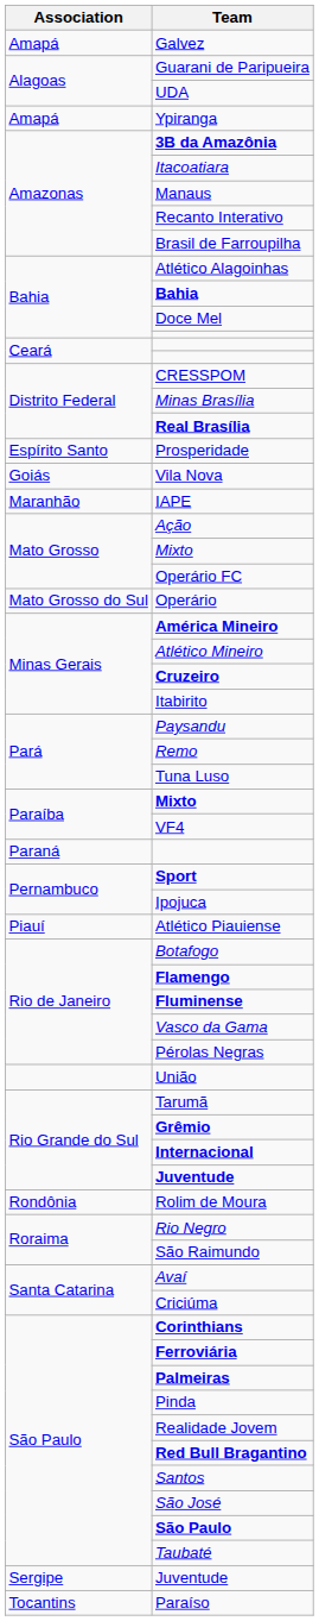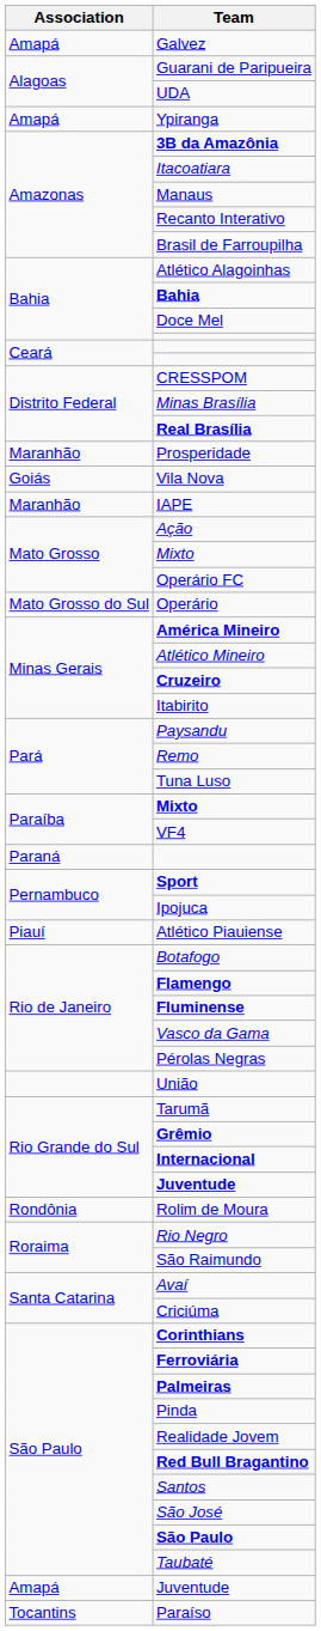 <table class="wikitable">
 <tr>
 <th>Association</th>
 <th>Team</th>
 </tr>
 <tr>
 <td> <a href='#'>Amapá</a><br></td>
 <td><a href='#'>Galvez</a></td>
 </tr>
 <tr>
 <td rowspan=2> <a href='#'>Alagoas</a><br></td>
 <td><a href='#'>Guarani de Paripueira</a></td>
 </tr>
 <tr>
 <td><a href='#'>UDA</a></td>
 </tr>
 <tr>
 <td> <a href='#'>Amapá</a><br></td>
 <td><a href='#'>Ypiranga</a></td>
 </tr>
 <tr>
 <td rowspan=5> <a href='#'>Amazonas</a><br></td>
 <td><strong><a href='#'>3B da Amazônia</a></strong></td>
 </tr>
 <tr>
 <td><em><a href='#'>Itacoatiara</a></em></td>
 </tr>
 <tr>
 <td><a href='#'>Manaus</a></td>
 </tr>
 <tr>
 <td><a href='#'>Recanto Interativo</a></td>
 </tr>
 <tr>
 <td><a href='#'>Brasil de Farroupilha</a></td>
 </tr>
 <tr>
 <td rowspan=4> <a href='#'>Bahia</a><br></td>
 <td><a href='#'>Atlético Alagoinhas</a></td>
 </tr>
 <tr>
 <td><strong><a href='#'>Bahia</a></strong></td>
 </tr>
 <tr>
 <td><a href='#'>Doce Mel</a></td>
 </tr>
 <tr>
 <td><em></em></td>
 </tr>
 <tr>
 <td rowspan=2> <a href='#'>Ceará</a><br></td>
 <td></td>
 </tr>
 <tr>
 <td><em></em></td>
 </tr>
 <tr>
 <td rowspan=3> <a href='#'>Distrito Federal</a><br></td>
 <td><a href='#'>CRESSPOM</a></td>
 </tr>
 <tr>
 <td><em><a href='#'>Minas Brasília</a></em></td>
 </tr>
 <tr>
 <td><strong><a href='#'>Real Brasília</a></strong></td>
 </tr>
 <tr>
-<td> <a href='#'>Espírito Santo</a><br></td>
+<td> <a href='#'>Maranhão</a><br></td>
 <td><a href='#'>Prosperidade</a></td>
 </tr>
 <tr>
 <td> <a href='#'>Goiás</a><br></td>
 <td><a href='#'>Vila Nova</a></td>
 </tr>
 <tr>
 <td> <a href='#'>Maranhão</a><br></td>
 <td><a href='#'>IAPE</a></td>
 </tr>
 <tr>
 <td rowspan=3> <a href='#'>Mato Grosso</a><br></td>
 <td><em><a href='#'>Ação</a></em></td>
 </tr>
 <tr>
 <td><em><a href='#'>Mixto</a></em></td>
 </tr>
 <tr>
 <td><a href='#'>Operário FC</a></td>
 </tr>
 <tr>
 <td> <a href='#'>Mato Grosso do Sul</a><br></td>
 <td><a href='#'>Operário</a></td>
 </tr>
 <tr>
 <td rowspan=4> <a href='#'>Minas Gerais</a><br></td>
 <td><strong><a href='#'>América Mineiro</a></strong></td>
 </tr>
 <tr>
 <td><em><a href='#'>Atlético Mineiro</a></em></td>
 </tr>
 <tr>
 <td><strong><a href='#'>Cruzeiro</a></strong></td>
 </tr>
 <tr>
 <td><a href='#'>Itabirito</a></td>
 </tr>
 <tr>
 <td rowspan=3> <a href='#'>Pará</a><br></td>
 <td><em><a href='#'>Paysandu</a></em></td>
 </tr>
 <tr>
 <td><em><a href='#'>Remo</a></em></td>
 </tr>
 <tr>
 <td><a href='#'>Tuna Luso</a></td>
 </tr>
 <tr>
 <td rowspan=2> <a href='#'>Paraíba</a><br></td>
 <td><strong><a href='#'>Mixto</a></strong></td>
 </tr>
 <tr>
 <td><a href='#'>VF4</a></td>
 </tr>
 <tr>
 <td> <a href='#'>Paraná</a><br></td>
 <td></td>
 </tr>
 <tr>
 <td rowspan=2> <a href='#'>Pernambuco</a><br></td>
 <td><strong><a href='#'>Sport</a></strong></td>
 </tr>
 <tr>
 <td><a href='#'>Ipojuca</a></td>
 </tr>
 <tr>
 <td> <a href='#'>Piauí</a><br></td>
 <td><a href='#'>Atlético Piauiense</a></td>
 </tr>
 <tr>
 <td rowspan=5> <a href='#'>Rio de Janeiro</a><br></td>
 <td><em><a href='#'>Botafogo</a></em></td>
 </tr>
 <tr>
 <td><strong><a href='#'>Flamengo</a></strong></td>
 </tr>
 <tr>
 <td><strong><a href='#'>Fluminense</a></strong></td>
 </tr>
 <tr>
 <td><em><a href='#'>Vasco da Gama</a></em></td>
 </tr>
 <tr>
 <td><a href='#'>Pérolas Negras</a></td>
 </tr>
 <tr>
 <td><br></td>
 <td><a href='#'>União</a></td>
 </tr>
 <tr>
 <td rowspan=4> <a href='#'>Rio Grande do Sul</a><br></td>
 <td><a href='#'>Tarumã</a></td>
 </tr>
 <tr>
 <td><strong><a href='#'>Grêmio</a></strong></td>
 </tr>
 <tr>
 <td><strong><a href='#'>Internacional</a></strong></td>
 </tr>
 <tr>
 <td><strong><a href='#'>Juventude</a></strong></td>
 </tr>
 <tr>
 <td> <a href='#'>Rondônia</a><br></td>
 <td><a href='#'>Rolim de Moura</a></td>
 </tr>
 <tr>
 <td rowspan=2> <a href='#'>Roraima</a><br></td>
 <td><em><a href='#'>Rio Negro</a></em></td>
 </tr>
 <tr>
 <td><a href='#'>São Raimundo</a></td>
 </tr>
 <tr>
 <td rowspan=2> <a href='#'>Santa Catarina</a><br></td>
 <td><em><a href='#'>Avaí</a></em></td>
 </tr>
 <tr>
 <td><a href='#'>Criciúma</a></td>
 </tr>
 <tr>
 <td rowspan=10> <a href='#'>São Paulo</a><br></td>
 <td><strong><a href='#'>Corinthians</a></strong></td>
 </tr>
 <tr>
 <td><strong><a href='#'>Ferroviária</a></strong></td>
 </tr>
 <tr>
 <td><strong><a href='#'>Palmeiras</a></strong></td>
 </tr>
 <tr>
 <td><a href='#'>Pinda</a></td>
 </tr>
 <tr>
 <td><a href='#'>Realidade Jovem</a></td>
 </tr>
 <tr>
 <td><strong><a href='#'>Red Bull Bragantino</a></strong></td>
 </tr>
 <tr>
 <td><em><a href='#'>Santos</a></em></td>
 </tr>
 <tr>
 <td><em><a href='#'>São José</a></em></td>
 </tr>
 <tr>
 <td><strong><a href='#'>São Paulo</a></strong></td>
 </tr>
 <tr>
 <td><em><a href='#'>Taubaté</a></em></td>
 </tr>
 <tr>
-<td> <a href='#'>Sergipe</a><br></td>
+<td> <a href='#'>Amapá</a><br></td>
 <td><a href='#'>Juventude</a></td>
 </tr>
 <tr>
 <td> <a href='#'>Tocantins</a></td>
 <td><a href='#'>Paraíso</a></td>
 </tr>
 </table>
